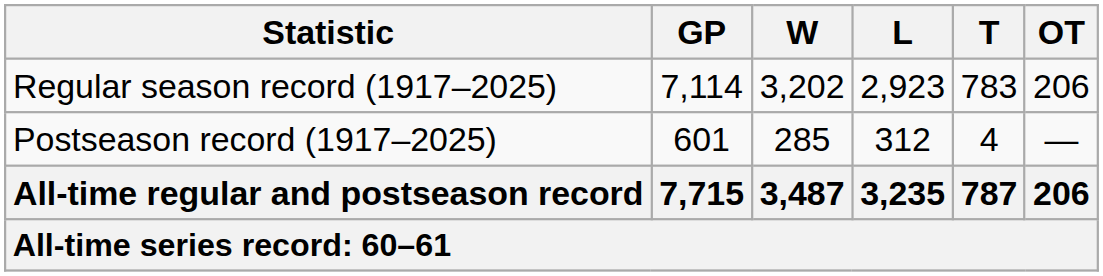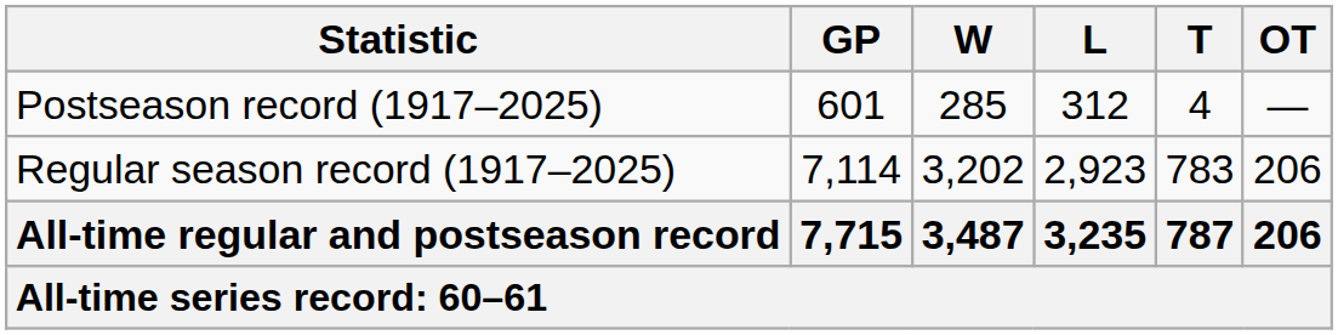 <table class="wikitable" style="text-align:center; font-size:95%">
 <tr>
 <th>Statistic</th>
 <th>GP</th>
 <th>W</th>
 <th>L</th>
 <th>T</th>
 <th>OT</th>
 </tr>
 <tr>
+<td style="text-align:left;">Postseason record (1917–2025)</td>
+<td>601</td>
+<td>285</td>
+<td>312</td>
+<td>4</td>
+<td>—</td>
+</tr>
+<tr>
 <td style="text-align:left;">Regular season record (1917–2025)</td>
 <td>7,114</td>
 <td>3,202</td>
 <td>2,923</td>
 <td>783</td>
 <td>206</td>
-</tr>
-<tr>
-<td style="text-align:left;">Postseason record (1917–2025)</td>
-<td>601</td>
-<td>285</td>
-<td>312</td>
-<td>4</td>
-<td>—</td>
 </tr>
 <tr>
 <th style="text-align:left;">All-time regular and postseason record</th>
 <th>7,715</th>
 <th>3,487</th>
 <th>3,235</th>
 <th>787</th>
 <th>206</th>
 </tr>
 <tr>
 <th colspan="6" style="text-align:left; font-size:95%">All-time series record: 60–61</th>
 </tr>
 </table>
